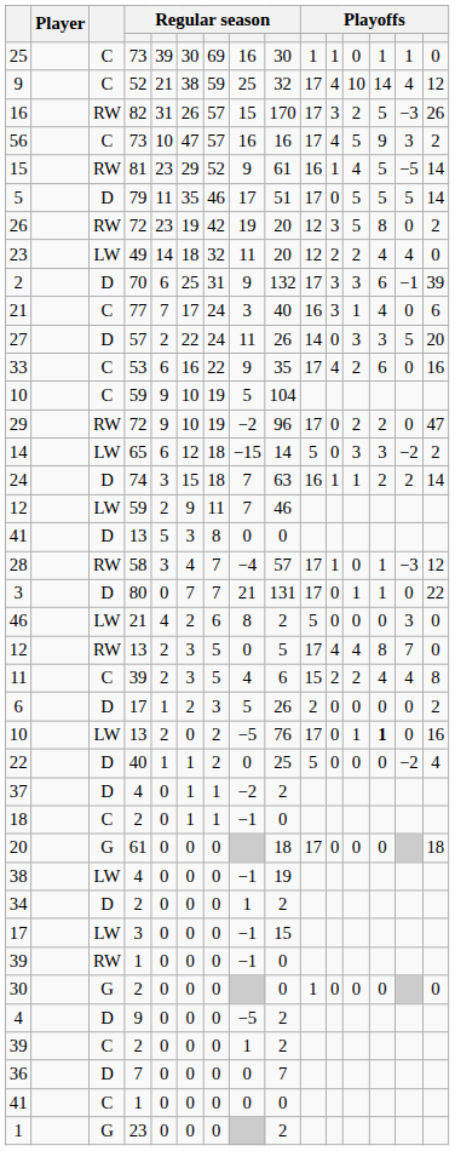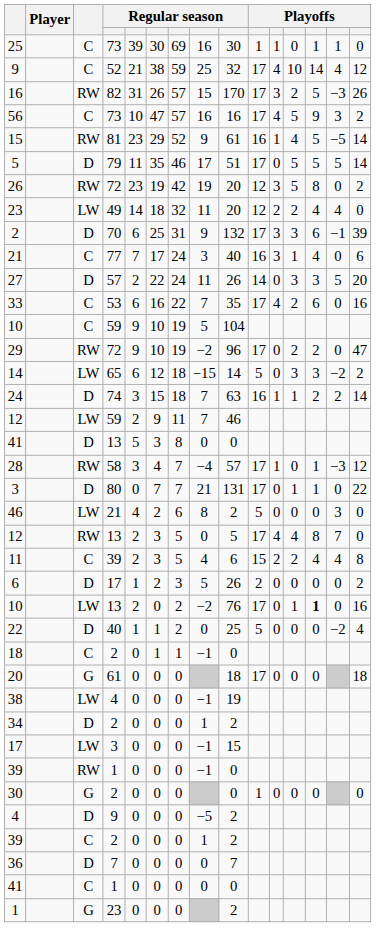 <table class="wikitable sortable plainrowheaders" style="text-align:center;">
 <tr>
 <th scope="col" data-sort-type="number" rowspan="2"></th>
 <th scope="col" rowspan="2">Player</th>
 <th scope="col" rowspan="2"></th>
 <th scope=colgroup colspan=6>Regular season</th>
 <th scope=colgroup colspan=6>Playoffs</th>
 </tr>
 <tr>
 <th scope="col" data-sort-type="number"></th>
 <th scope="col" data-sort-type="number"></th>
 <th scope="col" data-sort-type="number"></th>
 <th scope="col" data-sort-type="number"></th>
 <th scope="col" data-sort-type="number"></th>
 <th scope="col" data-sort-type="number"></th>
 <th scope="col" data-sort-type="number"></th>
 <th scope="col" data-sort-type="number"></th>
 <th scope="col" data-sort-type="number"></th>
 <th scope="col" data-sort-type="number"></th>
 <th scope="col" data-sort-type="number"></th>
 <th scope="col" data-sort-type="number"></th>
 </tr>
 <tr>
 <td scope="row">25</td>
 <td align="left"></td>
 <td>C</td>
 <td>73</td>
 <td>39</td>
 <td>30</td>
 <td>69</td>
 <td>16</td>
 <td>30</td>
 <td>1</td>
 <td>1</td>
 <td>0</td>
 <td>1</td>
 <td>1</td>
 <td>0</td>
 </tr>
 <tr>
 <td scope="row">9</td>
 <td align="left"></td>
 <td>C</td>
 <td>52</td>
 <td>21</td>
 <td>38</td>
 <td>59</td>
 <td>25</td>
 <td>32</td>
 <td>17</td>
 <td>4</td>
 <td>10</td>
 <td>14</td>
 <td>4</td>
 <td>12</td>
 </tr>
 <tr>
 <td scope="row">16</td>
 <td align="left"></td>
 <td>RW</td>
 <td>82</td>
 <td>31</td>
 <td>26</td>
 <td>57</td>
 <td>15</td>
 <td>170</td>
 <td>17</td>
 <td>3</td>
 <td>2</td>
 <td>5</td>
 <td>−3</td>
 <td>26</td>
 </tr>
 <tr>
 <td scope="row">56</td>
 <td align="left"></td>
 <td>C</td>
 <td>73</td>
 <td>10</td>
 <td>47</td>
 <td>57</td>
 <td>16</td>
 <td>16</td>
 <td>17</td>
 <td>4</td>
 <td>5</td>
 <td>9</td>
 <td>3</td>
 <td>2</td>
 </tr>
 <tr>
 <td scope="row">15</td>
 <td align="left"></td>
 <td>RW</td>
 <td>81</td>
 <td>23</td>
 <td>29</td>
 <td>52</td>
 <td>9</td>
 <td>61</td>
 <td>16</td>
 <td>1</td>
 <td>4</td>
 <td>5</td>
 <td>−5</td>
 <td>14</td>
 </tr>
 <tr>
 <td scope="row">5</td>
 <td align="left"></td>
 <td>D</td>
 <td>79</td>
 <td>11</td>
 <td>35</td>
 <td>46</td>
 <td>17</td>
 <td>51</td>
 <td>17</td>
 <td>0</td>
 <td>5</td>
 <td>5</td>
 <td>5</td>
 <td>14</td>
 </tr>
 <tr>
 <td scope="row">26</td>
 <td align="left"></td>
 <td>RW</td>
 <td>72</td>
 <td>23</td>
 <td>19</td>
 <td>42</td>
 <td>19</td>
 <td>20</td>
 <td>12</td>
 <td>3</td>
 <td>5</td>
 <td>8</td>
 <td>0</td>
 <td>2</td>
 </tr>
 <tr>
 <td scope="row">23</td>
 <td align="left"></td>
 <td>LW</td>
 <td>49</td>
 <td>14</td>
 <td>18</td>
 <td>32</td>
 <td>11</td>
 <td>20</td>
 <td>12</td>
 <td>2</td>
 <td>2</td>
 <td>4</td>
 <td>4</td>
 <td>0</td>
 </tr>
 <tr>
 <td scope="row">2</td>
 <td align="left"></td>
 <td>D</td>
 <td>70</td>
 <td>6</td>
 <td>25</td>
 <td>31</td>
 <td>9</td>
 <td>132</td>
 <td>17</td>
 <td>3</td>
 <td>3</td>
 <td>6</td>
 <td>−1</td>
 <td>39</td>
 </tr>
 <tr>
 <td scope="row">21</td>
 <td align="left"></td>
 <td>C</td>
 <td>77</td>
 <td>7</td>
 <td>17</td>
 <td>24</td>
 <td>3</td>
 <td>40</td>
 <td>16</td>
 <td>3</td>
 <td>1</td>
 <td>4</td>
 <td>0</td>
 <td>6</td>
 </tr>
 <tr>
 <td scope="row">27</td>
 <td align="left"></td>
 <td>D</td>
 <td>57</td>
 <td>2</td>
 <td>22</td>
 <td>24</td>
 <td>11</td>
 <td>26</td>
 <td>14</td>
 <td>0</td>
 <td>3</td>
 <td>3</td>
 <td>5</td>
 <td>20</td>
 </tr>
 <tr>
 <td scope="row">33</td>
 <td align="left"></td>
 <td>C</td>
 <td>53</td>
 <td>6</td>
 <td>16</td>
 <td>22</td>
-<td>9</td>
+<td>7</td>
 <td>35</td>
 <td>17</td>
 <td>4</td>
 <td>2</td>
 <td>6</td>
 <td>0</td>
 <td>16</td>
 </tr>
 <tr>
 <td scope="row">10</td>
 <td align="left"></td>
 <td>C</td>
 <td>59</td>
 <td>9</td>
 <td>10</td>
 <td>19</td>
 <td>5</td>
 <td>104</td>
 <td></td>
 <td></td>
 <td></td>
 <td></td>
 <td></td>
 <td></td>
 </tr>
 <tr>
 <td scope="row">29</td>
 <td align="left"></td>
 <td>RW</td>
 <td>72</td>
 <td>9</td>
 <td>10</td>
 <td>19</td>
 <td>−2</td>
 <td>96</td>
 <td>17</td>
 <td>0</td>
 <td>2</td>
 <td>2</td>
 <td>0</td>
 <td>47</td>
 </tr>
 <tr>
 <td scope="row">14</td>
 <td align="left"></td>
 <td>LW</td>
 <td>65</td>
 <td>6</td>
 <td>12</td>
 <td>18</td>
 <td>−15</td>
 <td>14</td>
 <td>5</td>
 <td>0</td>
 <td>3</td>
 <td>3</td>
 <td>−2</td>
 <td>2</td>
 </tr>
 <tr>
 <td scope="row">24</td>
 <td align="left"></td>
 <td>D</td>
 <td>74</td>
 <td>3</td>
 <td>15</td>
 <td>18</td>
 <td>7</td>
 <td>63</td>
 <td>16</td>
 <td>1</td>
 <td>1</td>
 <td>2</td>
 <td>2</td>
 <td>14</td>
 </tr>
 <tr>
 <td scope="row">12</td>
 <td align="left"></td>
 <td>LW</td>
 <td>59</td>
 <td>2</td>
 <td>9</td>
 <td>11</td>
 <td>7</td>
 <td>46</td>
 <td></td>
 <td></td>
 <td></td>
 <td></td>
 <td></td>
 <td></td>
 </tr>
 <tr>
 <td scope="row">41</td>
 <td align="left"></td>
 <td>D</td>
 <td>13</td>
 <td>5</td>
 <td>3</td>
 <td>8</td>
 <td>0</td>
 <td>0</td>
 <td></td>
 <td></td>
 <td></td>
 <td></td>
 <td></td>
 <td></td>
 </tr>
 <tr>
 <td scope="row">28</td>
 <td align="left"></td>
 <td>RW</td>
 <td>58</td>
 <td>3</td>
 <td>4</td>
 <td>7</td>
 <td>−4</td>
 <td>57</td>
 <td>17</td>
 <td>1</td>
 <td>0</td>
 <td>1</td>
 <td>−3</td>
 <td>12</td>
 </tr>
 <tr>
 <td scope="row">3</td>
 <td align="left"></td>
 <td>D</td>
 <td>80</td>
 <td>0</td>
 <td>7</td>
 <td>7</td>
 <td>21</td>
 <td>131</td>
 <td>17</td>
 <td>0</td>
 <td>1</td>
 <td>1</td>
 <td>0</td>
 <td>22</td>
 </tr>
 <tr>
 <td scope="row">46</td>
 <td align="left"></td>
 <td>LW</td>
 <td>21</td>
 <td>4</td>
 <td>2</td>
 <td>6</td>
 <td>8</td>
 <td>2</td>
 <td>5</td>
 <td>0</td>
 <td>0</td>
 <td>0</td>
 <td>3</td>
 <td>0</td>
 </tr>
 <tr>
 <td scope="row">12</td>
 <td align="left"></td>
 <td>RW</td>
 <td>13</td>
 <td>2</td>
 <td>3</td>
 <td>5</td>
 <td>0</td>
 <td>5</td>
 <td>17</td>
 <td>4</td>
 <td>4</td>
 <td>8</td>
 <td>7</td>
 <td>0</td>
 </tr>
 <tr>
 <td scope="row">11</td>
 <td align="left"></td>
 <td>C</td>
 <td>39</td>
 <td>2</td>
 <td>3</td>
 <td>5</td>
 <td>4</td>
 <td>6</td>
 <td>15</td>
 <td>2</td>
 <td>2</td>
 <td>4</td>
 <td>4</td>
 <td>8</td>
 </tr>
 <tr>
 <td scope="row">6</td>
 <td align="left"></td>
 <td>D</td>
 <td>17</td>
 <td>1</td>
 <td>2</td>
 <td>3</td>
 <td>5</td>
 <td>26</td>
 <td>2</td>
 <td>0</td>
 <td>0</td>
 <td>0</td>
 <td>0</td>
 <td>2</td>
 </tr>
 <tr>
 <td scope="row">10</td>
 <td align="left"></td>
 <td>LW</td>
 <td>13</td>
 <td>2</td>
 <td>0</td>
 <td>2</td>
-<td>−5</td>
+<td>−2</td>
 <td>76</td>
 <td>17</td>
 <td>0</td>
 <td>1</td>
 <td><strong>1</strong></td>
 <td>0</td>
 <td>16</td>
 </tr>
 <tr>
 <td scope="row">22</td>
 <td align="left"></td>
 <td>D</td>
 <td>40</td>
 <td>1</td>
 <td>1</td>
 <td>2</td>
 <td>0</td>
 <td>25</td>
 <td>5</td>
 <td>0</td>
 <td>0</td>
 <td>0</td>
 <td>−2</td>
 <td>4</td>
-</tr>
-<tr>
-<td scope="row">37</td>
-<td align="left"></td>
-<td>D</td>
-<td>4</td>
-<td>0</td>
-<td>1</td>
-<td>1</td>
-<td>−2</td>
-<td>2</td>
-<td></td>
-<td></td>
-<td></td>
-<td></td>
-<td></td>
-<td></td>
 </tr>
 <tr>
 <td scope="row">18</td>
 <td align="left"></td>
 <td>C</td>
 <td>2</td>
 <td>0</td>
 <td>1</td>
 <td>1</td>
 <td>−1</td>
 <td>0</td>
 <td></td>
 <td></td>
 <td></td>
 <td></td>
 <td></td>
 <td></td>
 </tr>
 <tr>
 <td scope="row">20</td>
 <td align="left"></td>
 <td>G</td>
 <td>61</td>
 <td>0</td>
 <td>0</td>
 <td>0</td>
 <td style="background:#ccc"></td>
 <td>18</td>
 <td>17</td>
 <td>0</td>
 <td>0</td>
 <td>0</td>
 <td style="background:#ccc"></td>
 <td>18</td>
 </tr>
 <tr>
 <td scope="row">38</td>
 <td align="left"></td>
 <td>LW</td>
 <td>4</td>
 <td>0</td>
 <td>0</td>
 <td>0</td>
 <td>−1</td>
 <td>19</td>
 <td></td>
 <td></td>
 <td></td>
 <td></td>
 <td></td>
 <td></td>
 </tr>
 <tr>
 <td scope="row">34</td>
 <td align="left"></td>
 <td>D</td>
 <td>2</td>
 <td>0</td>
 <td>0</td>
 <td>0</td>
 <td>1</td>
 <td>2</td>
 <td></td>
 <td></td>
 <td></td>
 <td></td>
 <td></td>
 <td></td>
 </tr>
 <tr>
 <td scope="row">17</td>
 <td align="left"></td>
 <td>LW</td>
 <td>3</td>
 <td>0</td>
 <td>0</td>
 <td>0</td>
 <td>−1</td>
 <td>15</td>
 <td></td>
 <td></td>
 <td></td>
 <td></td>
 <td></td>
 <td></td>
 </tr>
 <tr>
 <td scope="row">39</td>
 <td align="left"></td>
 <td>RW</td>
 <td>1</td>
 <td>0</td>
 <td>0</td>
 <td>0</td>
 <td>−1</td>
 <td>0</td>
 <td></td>
 <td></td>
 <td></td>
 <td></td>
 <td></td>
 <td></td>
 </tr>
 <tr>
 <td scope="row">30</td>
 <td align="left"></td>
 <td>G</td>
 <td>2</td>
 <td>0</td>
 <td>0</td>
 <td>0</td>
 <td style="background:#ccc"></td>
 <td>0</td>
 <td>1</td>
 <td>0</td>
 <td>0</td>
 <td>0</td>
 <td style="background:#ccc"></td>
 <td>0</td>
 </tr>
 <tr>
 <td scope="row">4</td>
 <td align="left"></td>
 <td>D</td>
 <td>9</td>
 <td>0</td>
 <td>0</td>
 <td>0</td>
 <td>−5</td>
 <td>2</td>
 <td></td>
 <td></td>
 <td></td>
 <td></td>
 <td></td>
 <td></td>
 </tr>
 <tr>
 <td scope="row">39</td>
 <td align="left"></td>
 <td>C</td>
 <td>2</td>
 <td>0</td>
 <td>0</td>
 <td>0</td>
 <td>1</td>
 <td>2</td>
 <td></td>
 <td></td>
 <td></td>
 <td></td>
 <td></td>
 <td></td>
 </tr>
 <tr>
 <td scope="row">36</td>
 <td align="left"></td>
 <td>D</td>
 <td>7</td>
 <td>0</td>
 <td>0</td>
 <td>0</td>
 <td>0</td>
 <td>7</td>
 <td></td>
 <td></td>
 <td></td>
 <td></td>
 <td></td>
 <td></td>
 </tr>
 <tr>
 <td scope="row">41</td>
 <td align="left"></td>
 <td>C</td>
 <td>1</td>
 <td>0</td>
 <td>0</td>
 <td>0</td>
 <td>0</td>
 <td>0</td>
 <td></td>
 <td></td>
 <td></td>
 <td></td>
 <td></td>
 <td></td>
 </tr>
 <tr>
 <td scope="row">1</td>
 <td align="left"></td>
 <td>G</td>
 <td>23</td>
 <td>0</td>
 <td>0</td>
 <td>0</td>
 <td style="background:#ccc"></td>
 <td>2</td>
 <td></td>
 <td></td>
 <td></td>
 <td></td>
 <td></td>
 <td></td>
 </tr>
 </table>
